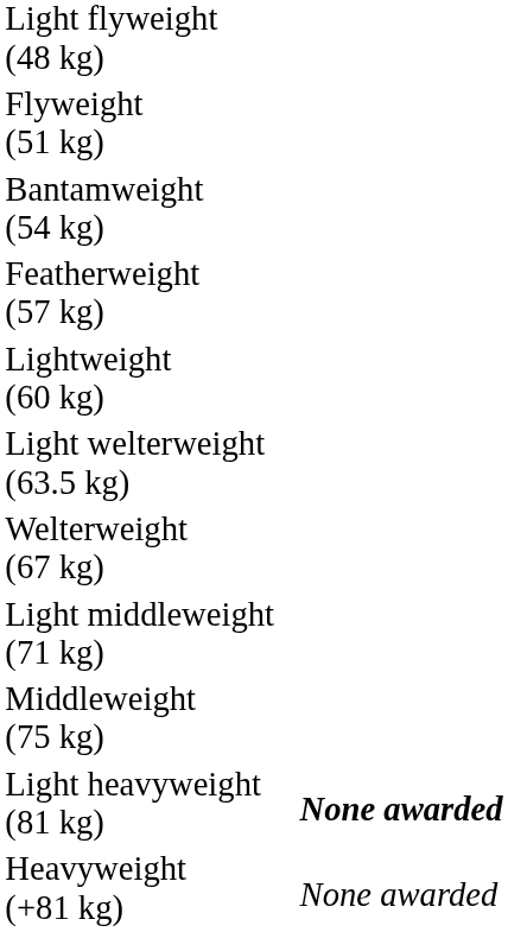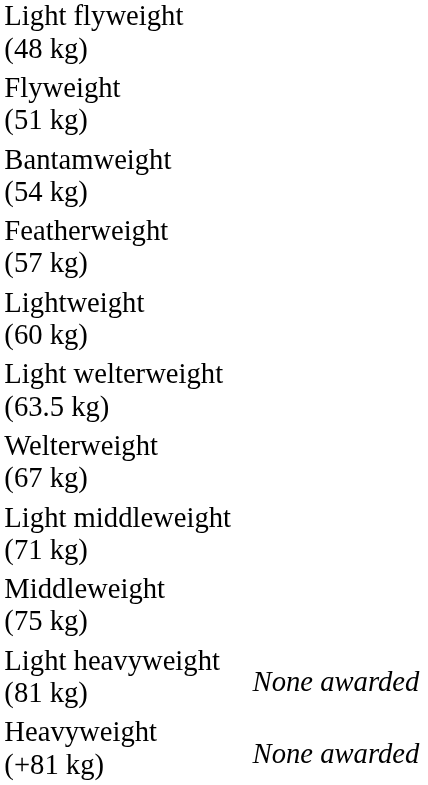 <table>
 <tr>
 <td rowspan=2>Light flyweight<br>(48 kg)</td>
 <td rowspan=2></td>
 <td rowspan=2></td>
 <td></td>
 </tr>
 <tr>
 <td></td>
 </tr>
 <tr>
 <td rowspan=2>Flyweight<br>(51 kg)</td>
 <td rowspan=2></td>
 <td rowspan=2></td>
 <td></td>
 </tr>
 <tr>
 <td></td>
 </tr>
 <tr>
 <td rowspan=2>Bantamweight<br>(54 kg)</td>
 <td rowspan=2></td>
 <td rowspan=2></td>
 <td></td>
 </tr>
 <tr>
 <td></td>
 </tr>
 <tr>
 <td rowspan=2>Featherweight<br>(57 kg)</td>
 <td rowspan=2></td>
 <td rowspan=2></td>
 <td></td>
 </tr>
 <tr>
 <td></td>
 </tr>
 <tr>
 <td rowspan=2>Lightweight<br>(60 kg)</td>
 <td rowspan=2></td>
 <td rowspan=2></td>
 <td></td>
 </tr>
 <tr>
 <td></td>
 </tr>
 <tr>
 <td rowspan=2>Light welterweight<br>(63.5 kg)</td>
 <td rowspan=2></td>
 <td rowspan=2></td>
 <td></td>
 </tr>
 <tr>
 <td></td>
 </tr>
 <tr>
 <td rowspan=2>Welterweight<br>(67 kg)</td>
 <td rowspan=2></td>
 <td rowspan=2></td>
 <td></td>
 </tr>
 <tr>
 <td></td>
 </tr>
 <tr>
 <td rowspan=2>Light middleweight<br>(71 kg)</td>
 <td rowspan=2></td>
 <td rowspan=2></td>
 <td></td>
 </tr>
 <tr>
 <td></td>
 </tr>
 <tr>
 <td rowspan=2>Middleweight<br>(75 kg)</td>
 <td rowspan=2></td>
 <td rowspan=2></td>
 <td></td>
 </tr>
 <tr>
 <td></td>
 </tr>
 <tr>
 <td rowspan=2>Light heavyweight<br>(81 kg)</td>
 <td rowspan=2></td>
 <td rowspan=2></td>
 <td></td>
 </tr>
 <tr>
-<td><strong><em>None awarded</em></strong></td>
+<td><em>None awarded</em></td>
 </tr>
 <tr>
 <td rowspan=2>Heavyweight<br>(+81 kg)</td>
 <td rowspan=2></td>
 <td rowspan=2></td>
 <td></td>
 </tr>
 <tr>
 <td><em>None awarded</em></td>
 </tr>
 </table>
